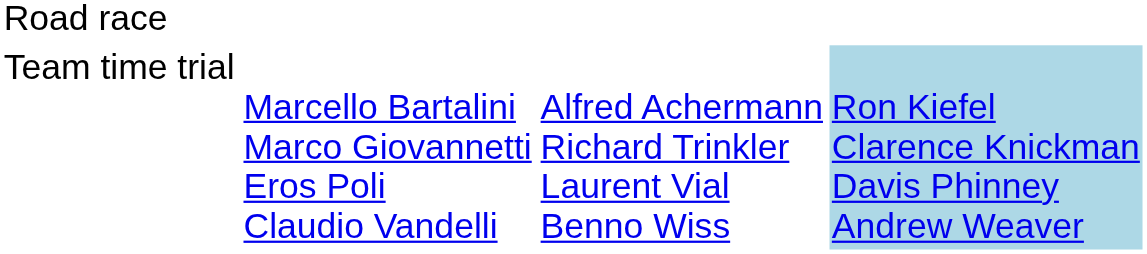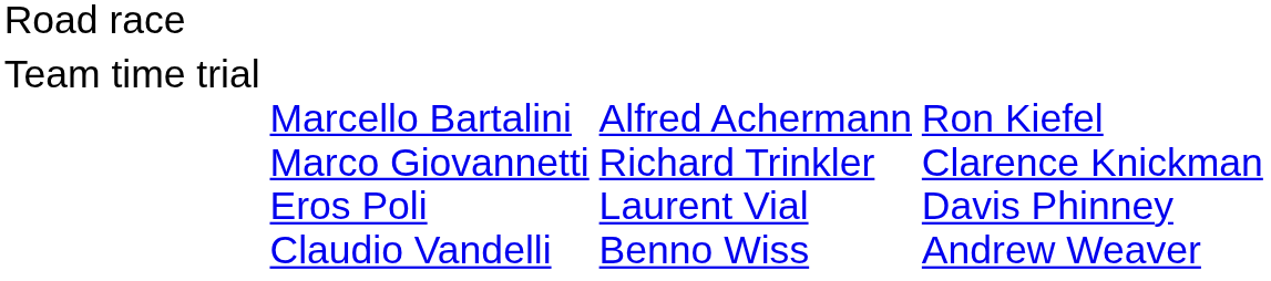 <table>
 <tr>
 <td>Road race<br></td>
 <td></td>
 <td></td>
 <td></td>
 </tr>
 <tr valign="top">
 <td>Team time trial<br></td>
 <td><br><a href='#'>Marcello Bartalini</a><br><a href='#'>Marco Giovannetti</a><br><a href='#'>Eros Poli</a><br><a href='#'>Claudio Vandelli</a></td>
 <td><br><a href='#'>Alfred Achermann</a><br><a href='#'>Richard Trinkler</a><br><a href='#'>Laurent Vial</a><br><a href='#'>Benno Wiss</a></td>
-<td style="background: lightblue;"><br><a href='#'>Ron Kiefel</a><br><a href='#'>Clarence Knickman</a><br><a href='#'>Davis Phinney</a><br><a href='#'>Andrew Weaver</a></td>
+<td><br><a href='#'>Ron Kiefel</a><br><a href='#'>Clarence Knickman</a><br><a href='#'>Davis Phinney</a><br><a href='#'>Andrew Weaver</a></td>
 </tr>
 </table>
